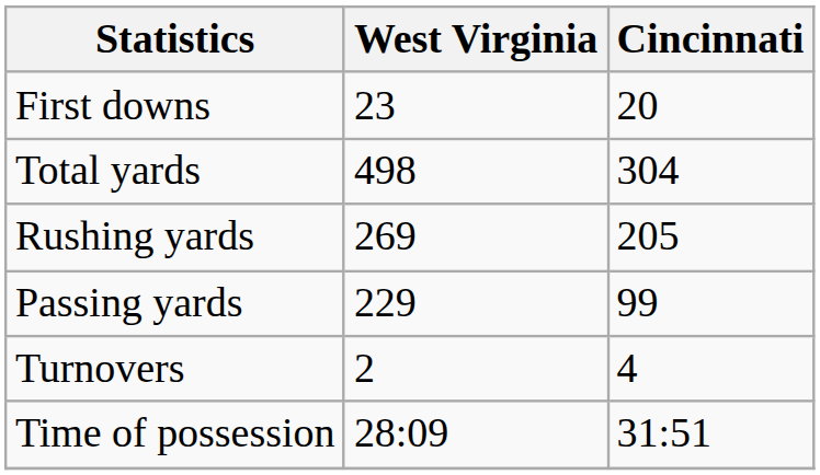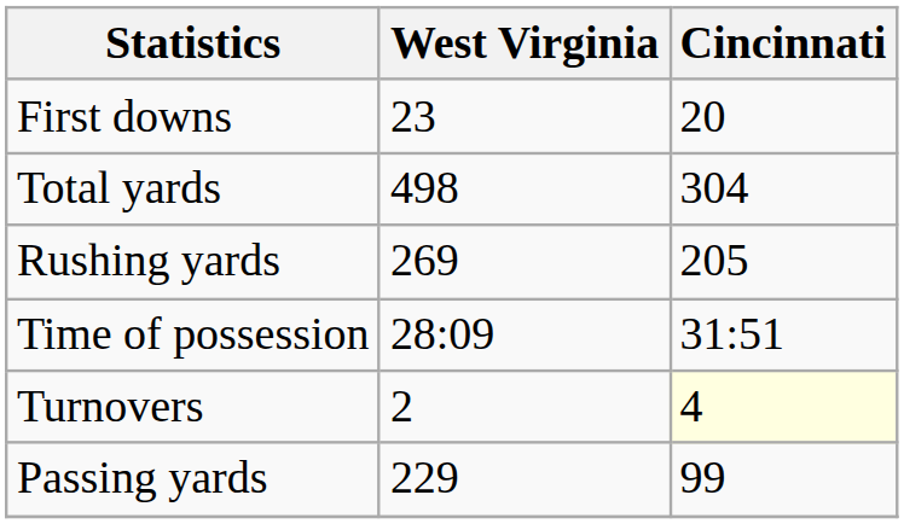 <table class="wikitable" style="float: left;">
 <tr>
 <th>Statistics</th>
 <th>West Virginia</th>
 <th>Cincinnati</th>
 </tr>
 <tr>
 <td>First downs</td>
 <td>23</td>
 <td>20</td>
 </tr>
 <tr>
 <td>Total yards</td>
 <td>498</td>
 <td>304</td>
 </tr>
 <tr>
 <td>Rushing yards</td>
 <td>269</td>
 <td>205</td>
 </tr>
 <tr>
+<td>Time of possession</td>
+<td>28:09</td>
+<td>31:51</td>
+</tr>
+<tr>
+<td>Turnovers</td>
+<td>2</td>
+<td style="background: lightyellow;">4</td>
+</tr>
+<tr>
 <td>Passing yards</td>
 <td>229</td>
 <td>99</td>
 </tr>
 <tr>
-<td>Turnovers</td>
-<td>2</td>
-<td>4</td>
-</tr>
-<tr>
-<td>Time of possession</td>
-<td>28:09</td>
-<td>31:51</td>
-</tr>
-<tr>
 </tr>
 </table>
